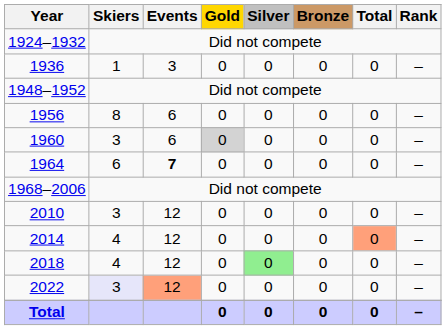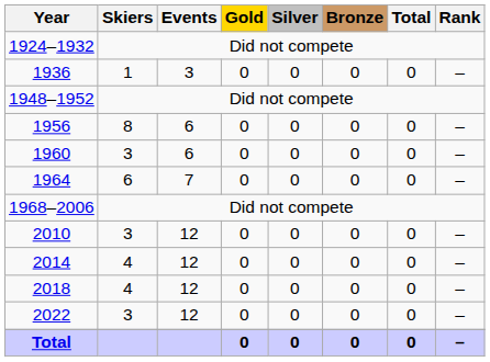 <table class="wikitable sortable collapsible collapsed">
 <tr>
 <th>Year</th>
 <th>Skiers</th>
 <th>Events</th>
 <th style="text-align:center; background-color:gold;"><strong>Gold</strong></th>
 <th style="text-align:center; background-color:silver;"><strong>Silver</strong></th>
 <th style="text-align:center; background-color:#c96;"><strong>Bronze</strong></th>
 <th>Total</th>
 <th>Rank</th>
 </tr>
 <tr style="text-align:center">
 <td><a href='#'>1924</a>–<a href='#'>1932</a></td>
 <td colspan="7">Did not compete</td>
 </tr>
 <tr style="text-align:center">
 <td><a href='#'>1936</a></td>
 <td>1</td>
 <td>3</td>
 <td>0</td>
 <td>0</td>
 <td>0</td>
 <td>0</td>
 <td>–</td>
 </tr>
 <tr style="text-align:center">
 <td><a href='#'>1948</a>–<a href='#'>1952</a></td>
 <td colspan="7">Did not compete</td>
 </tr>
 <tr style="text-align:center">
 <td><a href='#'>1956</a></td>
 <td>8</td>
 <td>6</td>
 <td>0</td>
 <td>0</td>
 <td>0</td>
 <td>0</td>
 <td>–</td>
 </tr>
 <tr style="text-align:center">
 <td><a href='#'>1960</a></td>
 <td>3</td>
 <td>6</td>
-<td style="background: lightgrey;">0</td>
+<td>0</td>
 <td>0</td>
 <td>0</td>
 <td>0</td>
 <td>–</td>
 </tr>
 <tr style="text-align:center">
 <td><a href='#'>1964</a></td>
 <td>6</td>
-<td><strong>7</strong></td>
+<td>7</td>
 <td>0</td>
 <td>0</td>
 <td>0</td>
 <td>0</td>
 <td>–</td>
 </tr>
 <tr style="text-align:center">
 <td><a href='#'>1968</a>–<a href='#'>2006</a></td>
 <td colspan="7">Did not compete</td>
 </tr>
 <tr style="text-align:center">
 <td><a href='#'>2010</a></td>
 <td>3</td>
 <td>12</td>
 <td>0</td>
 <td>0</td>
 <td>0</td>
 <td>0</td>
 <td>–</td>
 </tr>
 <tr style="text-align:center">
 <td><a href='#'>2014</a></td>
 <td>4</td>
 <td>12</td>
 <td>0</td>
 <td>0</td>
 <td>0</td>
-<td style="background: lightsalmon;">0</td>
+<td>0</td>
 <td>–</td>
 </tr>
 <tr style="text-align:center">
 <td><a href='#'>2018</a></td>
 <td>4</td>
 <td>12</td>
 <td>0</td>
-<td style="background: lightgreen;">0</td>
+<td>0</td>
 <td>0</td>
 <td>0</td>
 <td>–</td>
 </tr>
 <tr style="text-align:center">
 <td><a href='#'>2022</a></td>
-<td style="background: lavender;">3</td>
-<td style="background: lightsalmon;">12</td>
+<td>3</td>
+<td>12</td>
 <td>0</td>
 <td>0</td>
 <td>0</td>
 <td>0</td>
 <td>–</td>
 </tr>
 <tr style="text-align:center">
 </tr>
 <tr style="text-align:center; background-color:#ccf;">
 <td><strong><a href='#'>Total</a></strong></td>
 <td></td>
 <td></td>
 <td><strong>0</strong></td>
 <td><strong>0</strong></td>
 <td><strong>0</strong></td>
 <td><strong>0</strong></td>
 <td><strong>–</strong></td>
 </tr>
 </table>
